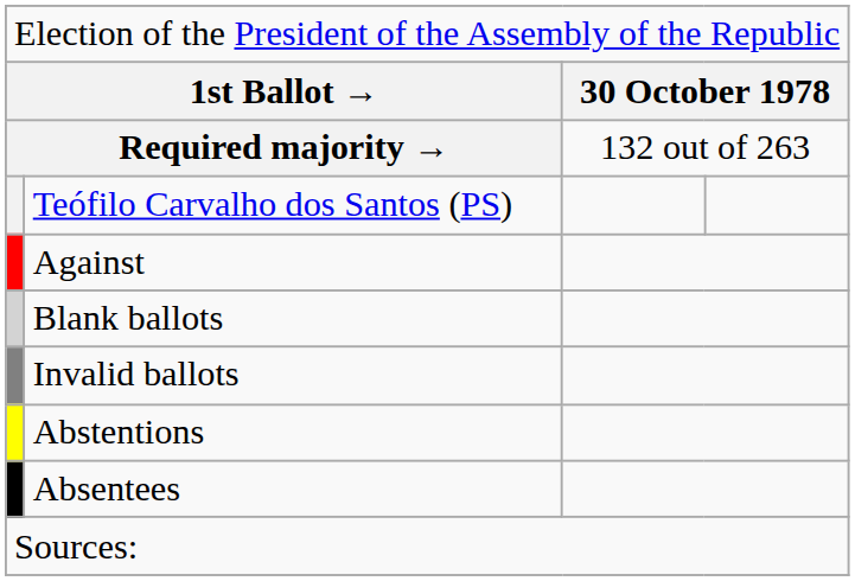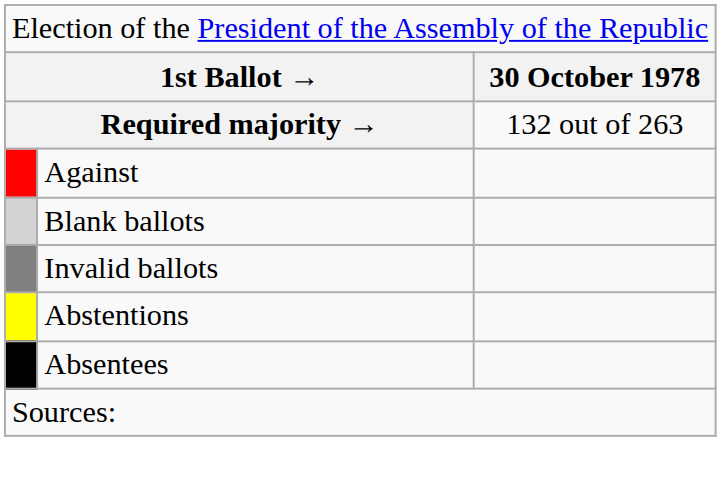 <table class="wikitable" style="text-align:center;">
 <tr>
 <td colspan="4" align="center">Election of the <a href='#'>President of the Assembly of the Republic</a></td>
 </tr>
 <tr>
 <th colspan="2" width="225px">1st Ballot →</th>
 <th colspan="2">30 October 1978</th>
 </tr>
 <tr>
 <th colspan="2">Required majority →</th>
 <td colspan="2">132 out of 263</td>
-</tr>
-<tr>
-<th width="1px" style="background:"></th>
-<td align="left"><a href='#'>Teófilo Carvalho dos Santos</a> (<a href='#'>PS</a>)</td>
-<td></td>
-<td></td>
 </tr>
 <tr>
 <th style="background:red;"></th>
 <td align="left">Against</td>
 <td colspan="2"></td>
 </tr>
 <tr>
 <th style="background:lightgray;"></th>
 <td align="left">Blank ballots</td>
 <td colspan="2"></td>
 </tr>
 <tr>
 <th style="background:gray;"></th>
 <td align="left">Invalid ballots</td>
 <td colspan="2"></td>
 </tr>
 <tr>
 <th style="background:yellow;"></th>
 <td align="left">Abstentions</td>
 <td colspan="2"></td>
 </tr>
 <tr>
 <th style="background:black;"></th>
 <td align="left">Absentees</td>
 <td colspan="2"></td>
 </tr>
 <tr>
 <td align="left" colspan="4">Sources:</td>
 </tr>
 </table>
